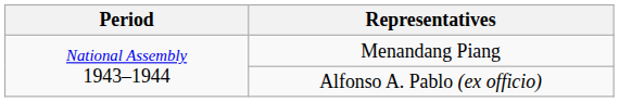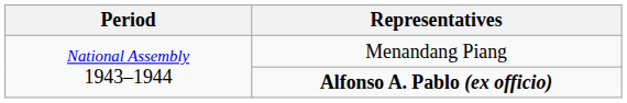 <table class="wikitable" style="text-align:center; width:40%;">
 <tr>
 <th width="40%">Period</th>
 <th>Representatives</th>
 </tr>
 <tr>
 <td rowspan="2"><small><a href='#'><em>National Assembly</em></a></small><br>1943–1944</td>
 <td>Menandang Piang</td>
 </tr>
 <tr>
-<td>Alfonso A. Pablo <em>(ex officio)</em></td>
+<td><strong>Alfonso A. Pablo <em>(ex officio)</em></strong></td>
 </tr>
 </table>
